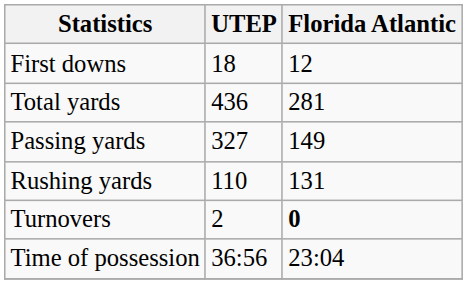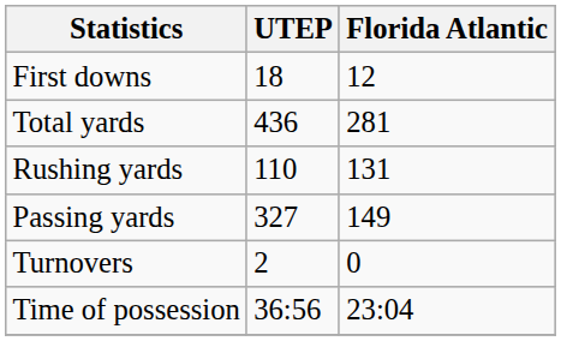 <table class="wikitable">
 <tr>
 <th>Statistics</th>
 <th>UTEP</th>
 <th>Florida Atlantic</th>
 </tr>
 <tr>
 <td>First downs</td>
 <td>18</td>
 <td>12</td>
 </tr>
 <tr>
 <td>Total yards</td>
 <td>436</td>
 <td>281</td>
 </tr>
 <tr>
+<td>Rushing yards</td>
+<td>110</td>
+<td>131</td>
+</tr>
+<tr>
 <td>Passing yards</td>
 <td>327</td>
 <td>149</td>
 </tr>
 <tr>
-<td>Rushing yards</td>
-<td>110</td>
-<td>131</td>
-</tr>
-<tr>
 <td>Turnovers</td>
 <td>2</td>
-<td><strong>0</strong></td>
+<td>0</td>
 </tr>
 <tr>
 <td>Time of possession</td>
 <td>36:56</td>
 <td>23:04</td>
 </tr>
 <tr>
 </tr>
 </table>
